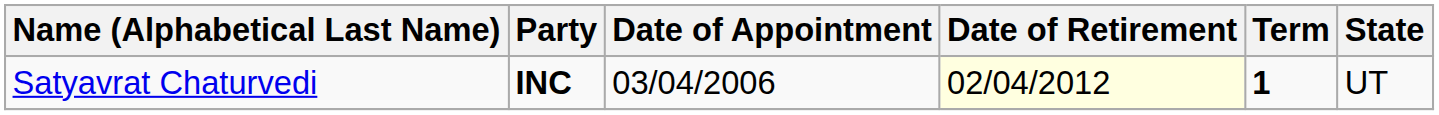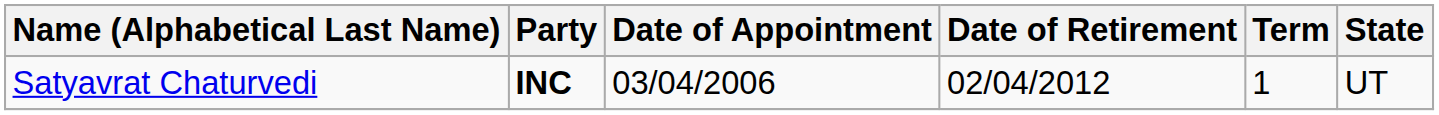 <table class="wikitable sortable">
 <tr>
 <th>Name (Alphabetical Last Name)</th>
 <th>Party</th>
 <th>Date of Appointment</th>
 <th>Date of Retirement</th>
 <th>Term</th>
 <th>State</th>
 </tr>
 <tr>
 <td><a href='#'>Satyavrat Chaturvedi</a></td>
 <td><strong>INC</strong></td>
 <td>03/04/2006</td>
-<td style="background: lightyellow;">02/04/2012</td>
-<td><strong>1</strong></td>
+<td>02/04/2012</td>
+<td>1</td>
 <td>UT</td>
 </tr>
 <tr>
 </tr>
 </table>
